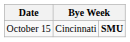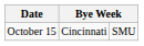 <table class="wikitable" style="font-size:95%;">
 <tr>
 <th>Date</th>
 <th colspan="2">Bye Week</th>
 </tr>
 <tr>
 <td>October 15</td>
 <td>Cincinnati</td>
-<td><strong>SMU</strong></td>
+<td>SMU</td>
 </tr>
 </table>
